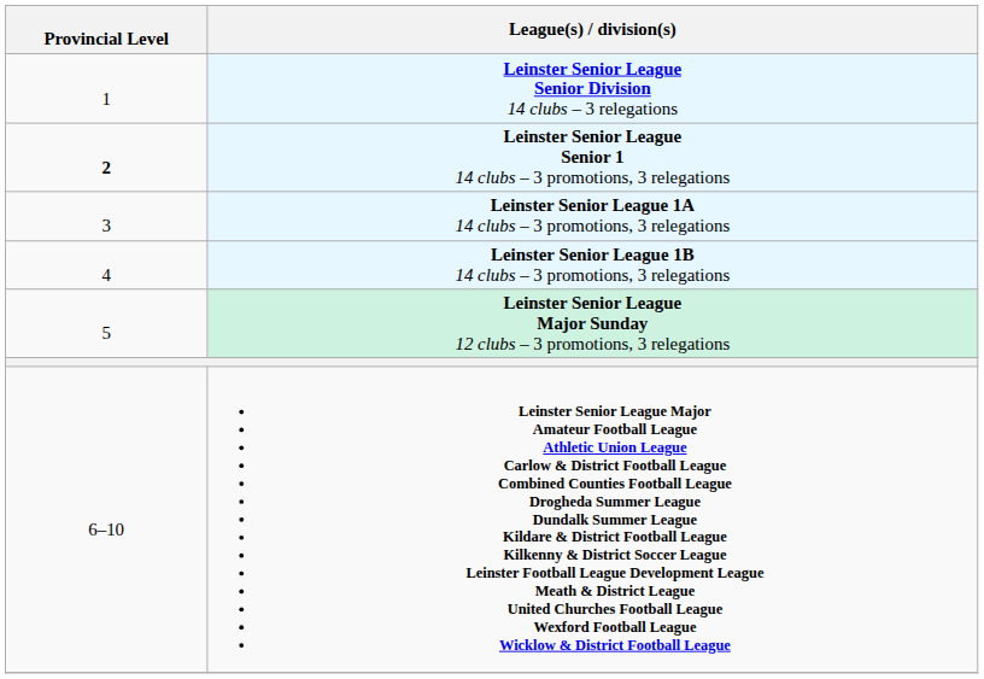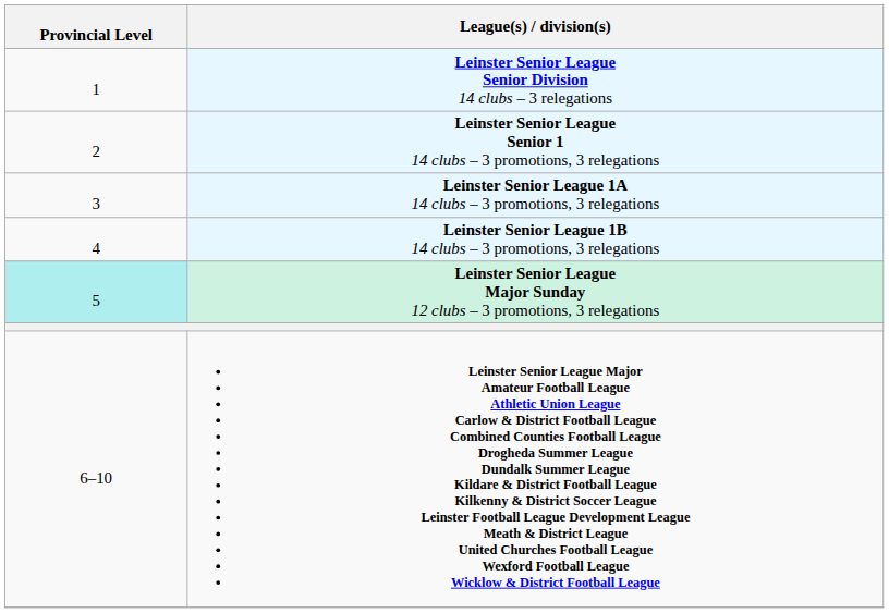 <table class="wikitable" style="text-align: center;">
 <tr>
 <th colspan="1" width="4%"><br>Provincial Level</th>
 <th>League(s) / division(s)</th>
 </tr>
 <tr>
 <td colspan="1" width="4%"><br>1</td>
 <td width="20%" style="background:#e6f7ff"><strong><a href='#'>Leinster Senior League<br> Senior Division</a></strong><br><em>14 clubs</em> – 3 relegations</td>
 </tr>
 <tr>
-<td colspan="1" width="4%"><strong><br>2</strong></td>
+<td colspan="1" width="4%"><br>2</td>
 <td width="20%" style="background:#e6f7ff"><strong>Leinster Senior League<br> Senior 1</strong><br><em>14 clubs</em> – 3 promotions, 3 relegations </td>
 </tr>
 <tr>
 <td colspan="1" width="4%"><br>3</td>
 <td width="20%" style="background:#e6f7ff"><strong>Leinster Senior League 1A</strong><br><em>14 clubs</em> – 3 promotions, 3 relegations </td>
 </tr>
 <tr>
 <td colspan="1" width="4%"><br>4</td>
 <td width="20%" style="background:#e6f7ff"><strong>Leinster Senior League 1B</strong><br><em>14 clubs</em> – 3 promotions, 3 relegations </td>
 </tr>
 <tr>
-<td colspan="1" width="4%"><br>5</td>
+<td colspan="1" width="4%" style="background: paleturquoise;"><br>5</td>
 <td width="20%" style="background:#CEF2E0"><strong>Leinster Senior League<br> Major Sunday</strong><br><em>12 clubs</em> – 3 promotions, 3 relegations </td>
 </tr>
 <tr>
 <th colspan="2"></th>
 </tr>
 <tr>
 <td colspan="1" width="4%"><br>6–10</td>
 <td width="20%" style="font-size: smaller;" valign="top"><br><ul><li><strong>Leinster Senior League Major</strong></li><li><strong>Amateur Football League</strong> </li><li><strong><a href='#'>Athletic Union League</a></strong></li><li><strong>Carlow & District Football League</strong></li><li><strong>Combined Counties Football League</strong></li><li><strong>Drogheda Summer League</strong></li><li><strong>Dundalk Summer League</strong></li><li><strong>Kildare & District Football League</strong></li><li><strong>Kilkenny & District Soccer League</strong></li><li><strong>Leinster Football League Development League</strong></li><li><strong>Meath & District League</strong></li><li><strong>United Churches Football League</strong> </li><li><strong>Wexford Football League</strong></li><li><strong><a href='#'>Wicklow & District Football League</a></strong></li></ul></td>
 </tr>
 <tr>
 </tr>
 </table>
